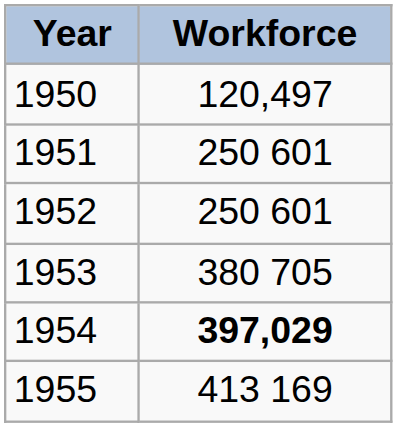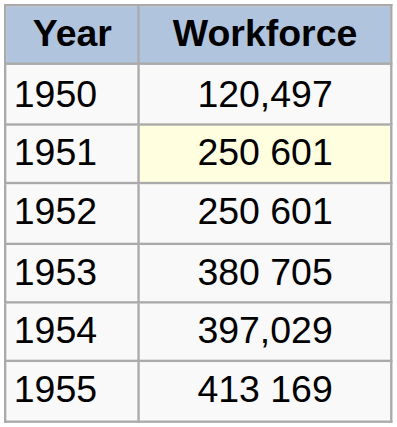 <table class="wikitable floatleft" style="text-align: center">
 <tr>
 <th style="width: 50px;text-align: center;background:#B0C4DE">Year</th>
 <th style="width: 100px;background:#B0C4DE">Workforce</th>
 </tr>
 <tr>
 <td align="left">1950</td>
 <td>120,497</td>
 </tr>
 <tr>
 <td align="left">1951</td>
-<td>250 601</td>
+<td style="background: lightyellow;">250 601</td>
 </tr>
 <tr>
 <td align="left">1952</td>
 <td>250 601</td>
 </tr>
 <tr>
 <td align="left">1953</td>
 <td>380 705</td>
 </tr>
 <tr>
 <td align="left">1954</td>
-<td><strong>397,029</strong></td>
+<td>397,029</td>
 </tr>
 <tr>
 <td align="left">1955</td>
 <td>413 169</td>
 </tr>
 </table>
